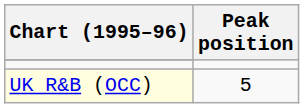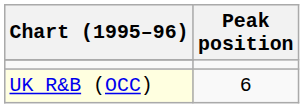 <table class="wikitable sortable">
 <tr>
 <th>Chart (1995–96)</th>
 <th>Peak<br>position</th>
 </tr>
 <tr>
 </tr>
 <tr>
 </tr>
 <tr>
 <td></td>
 </tr>
 <tr>
 <td style="background: lightyellow;"><a href='#'>UK R&B</a> (<a href='#'>OCC</a>)</td>
-<td align="center">5</td>
+<td align="center">6</td>
 </tr>
 </table>
